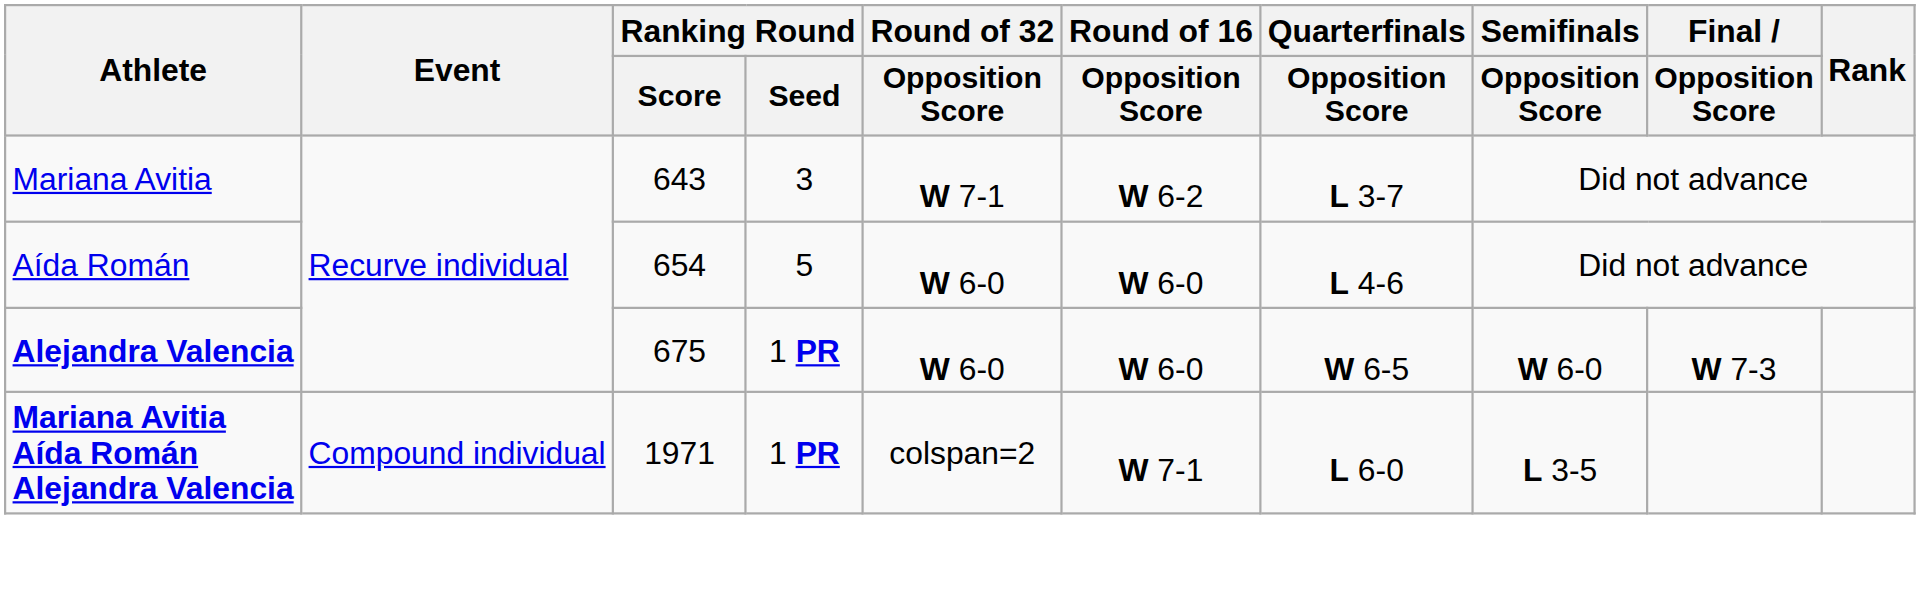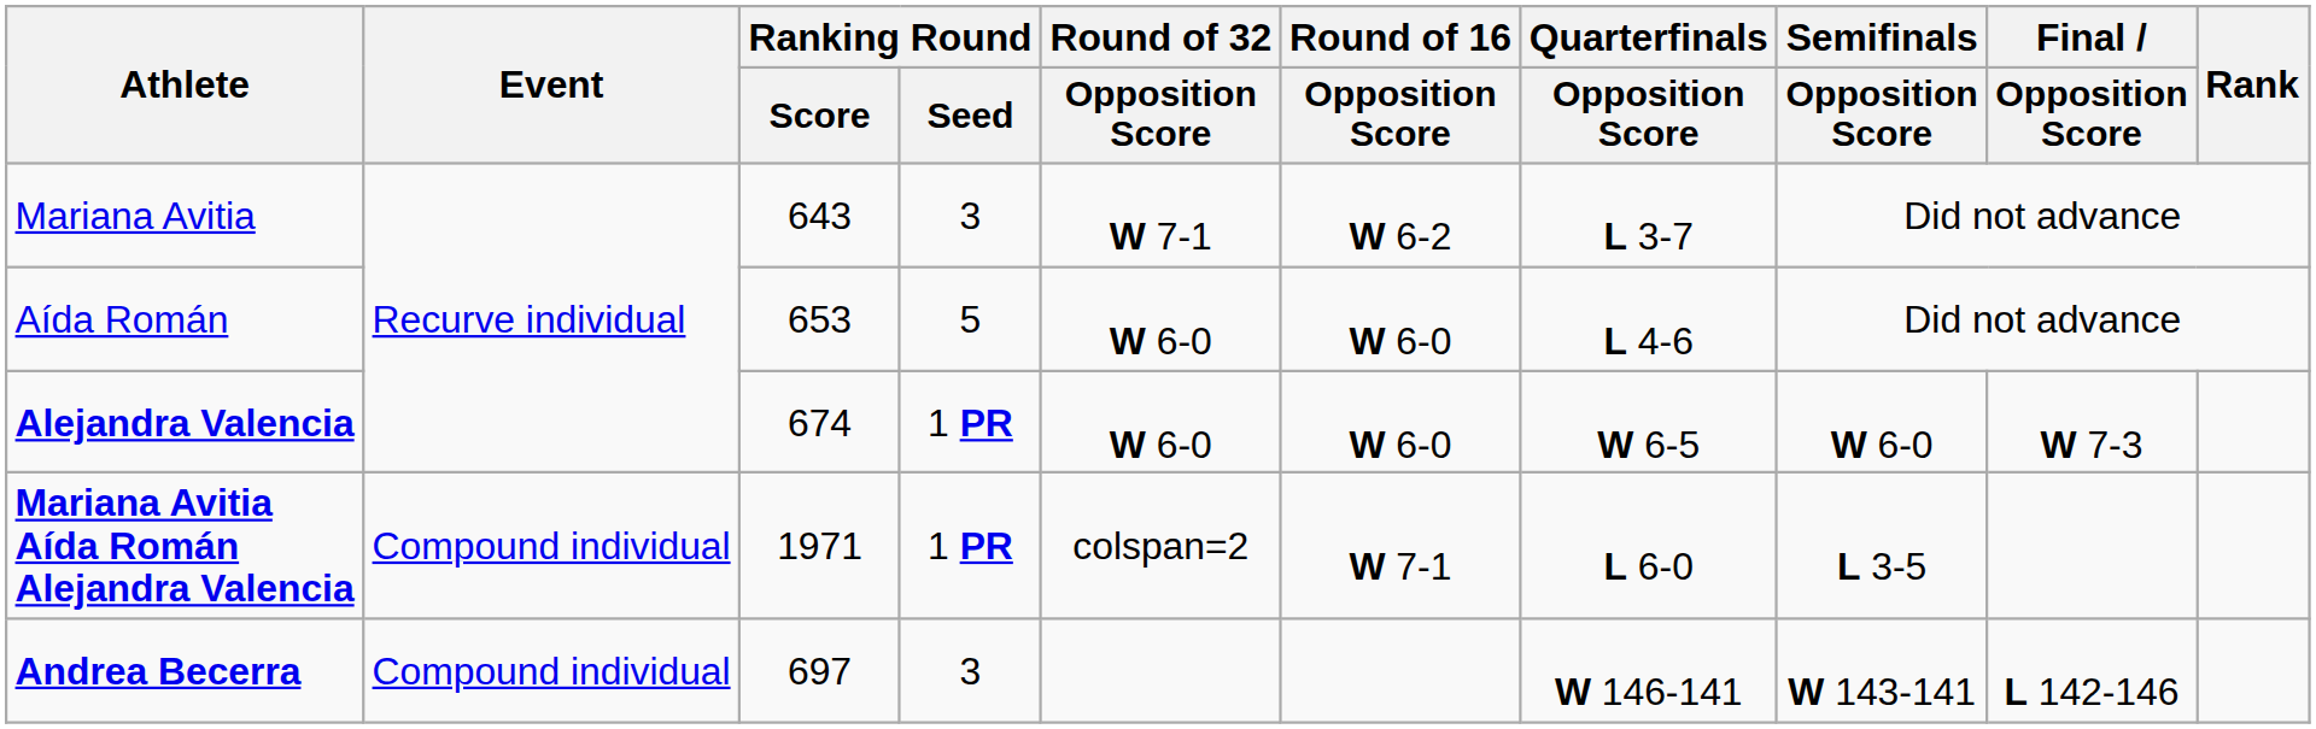 <table class="wikitable" style="font-size:90%">
 <tr>
 <th rowspan="2">Athlete</th>
 <th rowspan="2">Event</th>
 <th colspan="2">Ranking Round</th>
 <th>Round of 32</th>
 <th>Round of 16</th>
 <th>Quarterfinals</th>
 <th>Semifinals</th>
 <th>Final / </th>
 <th rowspan="2">Rank</th>
 </tr>
 <tr style="font-size:95%">
 <th>Score</th>
 <th>Seed</th>
 <th>Opposition<br>Score</th>
 <th>Opposition<br>Score</th>
 <th>Opposition<br>Score</th>
 <th>Opposition<br>Score</th>
 <th>Opposition<br>Score</th>
 </tr>
 <tr align=center>
 <td align=left><a href='#'>Mariana Avitia</a></td>
 <td align=left rowspan=3><a href='#'>Recurve individual</a></td>
 <td>643</td>
 <td>3</td>
 <td><br><strong>W</strong> 7-1</td>
 <td><br><strong>W</strong> 6-2</td>
 <td><br><strong>L</strong> 3-7</td>
 <td colspan=3>Did not advance</td>
 </tr>
 <tr align=center>
 <td align=left><a href='#'>Aída Román</a></td>
-<td>654</td>
+<td>653</td>
 <td>5</td>
 <td><br><strong>W</strong> 6-0</td>
 <td><br><strong>W</strong> 6-0</td>
 <td><br><strong>L</strong> 4-6</td>
 <td colspan=3>Did not advance</td>
 </tr>
 <tr align=center>
 <td align=left><strong><a href='#'>Alejandra Valencia</a></strong></td>
-<td>675</td>
+<td>674</td>
 <td>1 <strong><a href='#'>PR</a></strong></td>
 <td><br><strong>W</strong> 6-0</td>
 <td><br><strong>W</strong> 6-0</td>
 <td><br><strong>W</strong> 6-5</td>
 <td><br><strong>W</strong> 6-0</td>
 <td><br><strong>W</strong> 7-3</td>
 <td></td>
 </tr>
 <tr align=center>
 <td align=left><strong><a href='#'>Mariana Avitia</a><br><a href='#'>Aída Román</a><br><a href='#'>Alejandra Valencia</a></strong></td>
 <td align=left><a href='#'>Compound individual</a></td>
 <td>1971</td>
 <td>1 <strong><a href='#'>PR</a></strong></td>
 <td>colspan=2 </td>
 <td><br><strong>W</strong> 7-1</td>
 <td><br><strong>L</strong> 6-0</td>
 <td><br><strong>L</strong> 3-5</td>
 <td></td>
 </tr>
+<tr align=center>
+<td align=left><strong><a href='#'>Andrea Becerra</a></strong></td>
+<td align=left><a href='#'>Compound individual</a></td>
+<td>697</td>
+<td>3</td>
+<td></td>
+<td></td>
+<td><br><strong>W</strong> 146-141</td>
+<td><br><strong>W</strong> 143-141</td>
+<td><br><strong>L</strong> 142-146</td>
+<td></td>
+</tr>
 </table>
